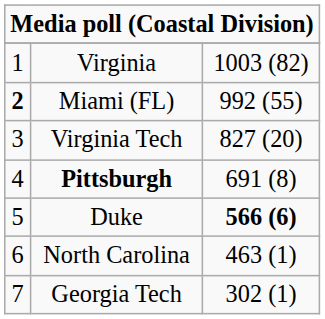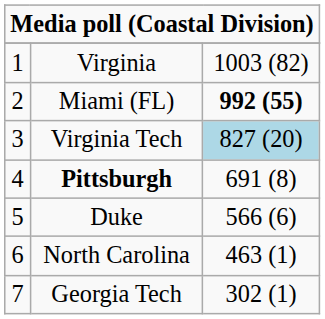 <table class="wikitable" style="display: inline-table;">
 <tr>
 <td align="center" Colspan="3"><strong>Media poll (Coastal Division)</strong></td>
 </tr>
 <tr align="center">
 </tr>
 <tr align="center">
 <td>1</td>
 <td>Virginia</td>
 <td>1003 (82)</td>
 </tr>
 <tr align="center">
-<td><strong>2</strong></td>
+<td>2</td>
 <td>Miami (FL)</td>
-<td>992 (55)</td>
+<td><strong>992 (55)</strong></td>
 </tr>
 <tr align="center">
 <td>3</td>
 <td>Virginia Tech</td>
-<td>827 (20)</td>
+<td style="background: lightblue;">827 (20)</td>
 </tr>
 <tr align="center">
 <td>4</td>
 <td><strong>Pittsburgh</strong></td>
 <td>691 (8)</td>
 </tr>
 <tr align="center">
 <td>5</td>
 <td>Duke</td>
-<td><strong>566 (6)</strong></td>
+<td>566 (6)</td>
 </tr>
 <tr align="center">
 <td>6</td>
 <td>North Carolina</td>
 <td>463 (1)</td>
 </tr>
 <tr align="center">
 <td>7</td>
 <td>Georgia Tech</td>
 <td>302 (1)</td>
 </tr>
 </table>
